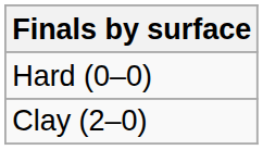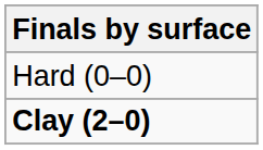 <table class=wikitable style=font-size:90%>
 <tr>
 <th>Finals by surface</th>
 </tr>
 <tr>
 <td>Hard (0–0)</td>
 </tr>
 <tr>
-<td>Clay (2–0)</td>
+<td><strong>Clay (2–0)</strong></td>
 </tr>
 </table>
